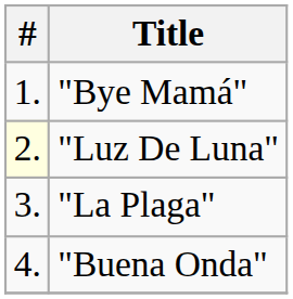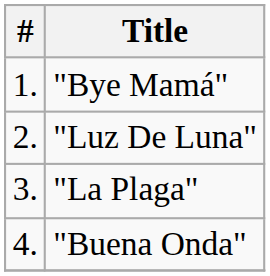 <table class="wikitable">
 <tr>
 <th>#</th>
 <th>Title</th>
 </tr>
 <tr>
 <td>1.</td>
 <td>"Bye Mamá"</td>
 </tr>
 <tr>
-<td style="background: lightyellow;">2.</td>
+<td>2.</td>
 <td>"Luz De Luna"</td>
 </tr>
 <tr>
 <td>3.</td>
 <td>"La Plaga"</td>
 </tr>
 <tr>
 <td>4.</td>
 <td>"Buena Onda"</td>
 </tr>
 <tr>
 </tr>
 </table>
